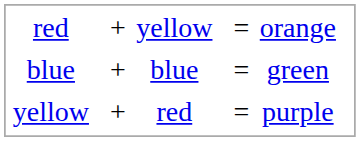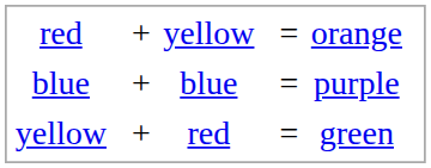 <table style="background-color:white; border:1px #aaa solid" cellpadding="2px">
 <tr>
 <td align="center"><a href='#'>red</a></td>
 <td></td>
 <td>+</td>
 <td align="center"><a href='#'>yellow</a></td>
 <td></td>
 <td>=</td>
 <td align="center"><a href='#'>orange</a></td>
 <td></td>
 </tr>
 <tr>
 <td align="center"><a href='#'>blue</a></td>
 <td></td>
 <td>+</td>
 <td align="center"><a href='#'>blue</a></td>
 <td></td>
 <td>=</td>
-<td align="center"><a href='#'>green</a></td>
+<td align="center"><a href='#'>purple</a></td>
 <td></td>
 </tr>
 <tr>
 <td align="center"><a href='#'>yellow</a></td>
 <td></td>
 <td>+</td>
 <td align="center"><a href='#'>red</a></td>
 <td></td>
 <td>=</td>
-<td align="center"><a href='#'>purple</a></td>
+<td align="center"><a href='#'>green</a></td>
 <td></td>
 </tr>
 </table>
